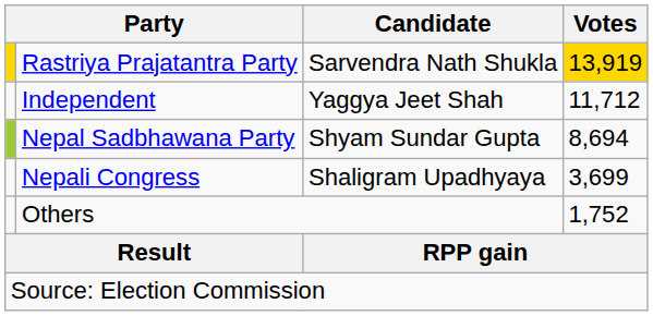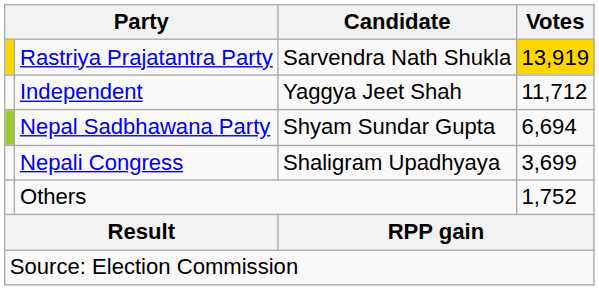 <table class="wikitable">
 <tr>
 <th colspan="2">Party</th>
 <th>Candidate</th>
 <th>Votes</th>
 </tr>
 <tr>
 <td style="background-color:gold"></td>
 <td><a href='#'>Rastriya Prajatantra Party</a></td>
 <td>Sarvendra Nath Shukla</td>
 <td style="background: gold;">13,919</td>
 </tr>
 <tr>
 <td style="background-color:"></td>
 <td><a href='#'>Independent</a></td>
 <td>Yaggya Jeet Shah</td>
 <td>11,712</td>
 </tr>
 <tr>
 <td style="background-color:yellowgreen"></td>
 <td><a href='#'>Nepal Sadbhawana Party</a></td>
 <td>Shyam Sundar Gupta</td>
-<td>8,694</td>
+<td>6,694</td>
 </tr>
 <tr>
 <td style="background-color:"></td>
 <td><a href='#'>Nepali Congress</a></td>
 <td>Shaligram Upadhyaya</td>
 <td>3,699</td>
 </tr>
 <tr>
 <td></td>
 <td colspan="2">Others</td>
 <td>1,752</td>
 </tr>
 <tr>
 <th colspan="2">Result</th>
 <th colspan="2">RPP gain</th>
 </tr>
 <tr>
 <td colspan="4">Source: Election Commission</td>
 </tr>
 </table>
